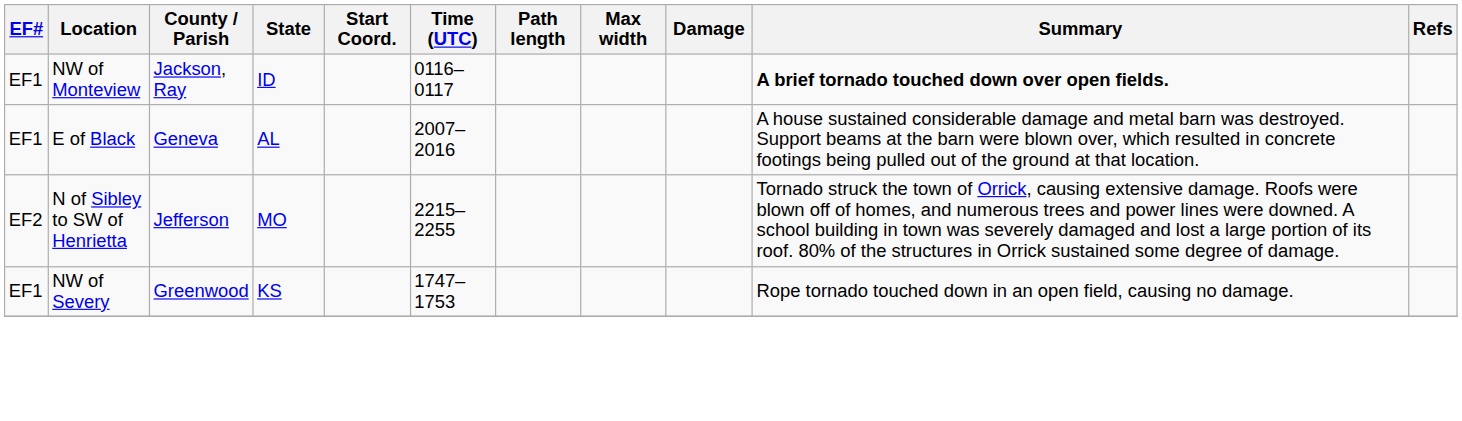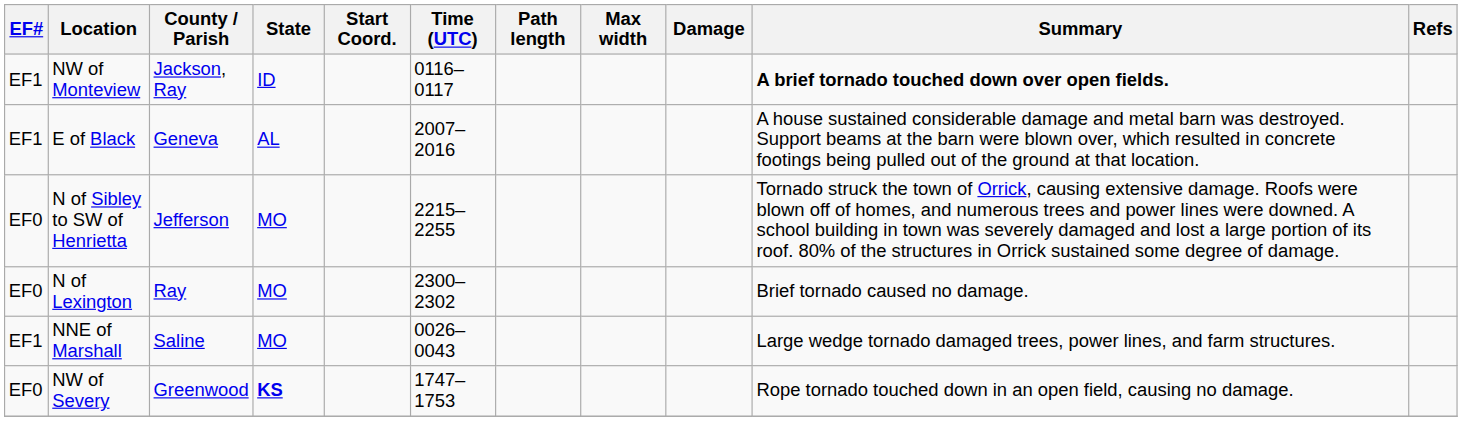 <table class="wikitable sortable" style="width:100%;">
 <tr>
 <th scope="col" width="3%" align="center"><a href='#'>EF#</a></th>
 <th scope="col" width="7%" align="center" class="unsortable">Location</th>
 <th scope="col" width="6%" align="center" class="unsortable">County / Parish</th>
 <th scope="col" width="5%" align="center">State</th>
 <th scope="col" width="6%" align="center">Start Coord.</th>
 <th scope="col" width="6%" align="center">Time (<a href='#'>UTC</a>)</th>
 <th scope="col" width="6%" align="center">Path length</th>
 <th scope="col" width="6%" align="center">Max width</th>
 <th scope="col" width="6%" align="center">Damage</th>
 <th scope="col" width="48%" class="unsortable" align="center">Summary</th>
 <th scope="col" width="48%" class="unsortable" align="center">Refs</th>
 </tr>
 <tr>
 <td>EF1</td>
 <td>NW of <a href='#'>Monteview</a></td>
 <td><a href='#'>Jackson</a>, <a href='#'>Ray</a></td>
 <td><a href='#'>ID</a></td>
 <td></td>
 <td>0116–0117</td>
 <td></td>
 <td></td>
 <td></td>
 <td><strong>A brief tornado touched down over open fields.</strong></td>
 <td></td>
 </tr>
 <tr>
 <td>EF1</td>
 <td>E of <a href='#'>Black</a></td>
 <td><a href='#'>Geneva</a></td>
 <td><a href='#'>AL</a></td>
 <td></td>
 <td>2007–2016</td>
 <td></td>
 <td></td>
 <td></td>
 <td>A house sustained considerable damage and metal barn was destroyed. Support beams at the barn were blown over, which resulted in concrete footings being pulled out of the ground at that location.</td>
 <td></td>
 </tr>
 <tr>
-<td>EF2</td>
+<td>EF0</td>
 <td>N of <a href='#'>Sibley</a> to SW of <a href='#'>Henrietta</a></td>
 <td><a href='#'>Jefferson</a></td>
 <td><a href='#'>MO</a></td>
 <td></td>
 <td>2215–2255</td>
 <td></td>
 <td></td>
 <td></td>
 <td>Tornado struck the town of <a href='#'>Orrick</a>, causing extensive damage. Roofs were blown off of homes, and numerous trees and power lines were downed. A school building in town was severely damaged and lost a large portion of its roof. 80% of the structures in Orrick sustained some degree of damage.</td>
 <td></td>
 </tr>
 <tr>
+<td>EF0</td>
+<td>N of <a href='#'>Lexington</a></td>
+<td><a href='#'>Ray</a></td>
+<td><a href='#'>MO</a></td>
+<td></td>
+<td>2300–2302</td>
+<td></td>
+<td></td>
+<td></td>
+<td>Brief tornado caused no damage.</td>
+<td></td>
+</tr>
+<tr>
 <td>EF1</td>
+<td>NNE of <a href='#'>Marshall</a></td>
+<td><a href='#'>Saline</a></td>
+<td><a href='#'>MO</a></td>
+<td></td>
+<td>0026–0043</td>
+<td></td>
+<td></td>
+<td></td>
+<td>Large wedge tornado damaged trees, power lines, and farm structures.</td>
+<td></td>
+</tr>
+<tr>
+<td>EF0</td>
 <td>NW of <a href='#'>Severy</a></td>
 <td><a href='#'>Greenwood</a></td>
-<td><a href='#'>KS</a></td>
+<td><strong><a href='#'>KS</a></strong></td>
 <td></td>
 <td>1747–1753</td>
 <td></td>
 <td></td>
 <td></td>
 <td>Rope tornado touched down in an open field, causing no damage.</td>
 <td></td>
 </tr>
 <tr>
 </tr>
 </table>
